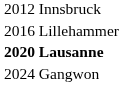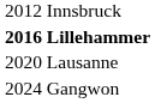 <table>
 <tr>
 <td>2012 Innsbruck<br></td>
 <td></td>
 <td></td>
 <td></td>
 </tr>
 <tr>
-<td>2016 Lillehammer<br></td>
+<td><strong>2016 Lillehammer<br></strong></td>
 <td></td>
 <td></td>
 <td></td>
 </tr>
 <tr>
-<td><strong>2020 Lausanne<br></strong></td>
+<td>2020 Lausanne<br></td>
 <td></td>
 <td></td>
 <td></td>
 </tr>
 <tr>
 <td>2024 Gangwon<br></td>
 <td></td>
 <td></td>
 <td></td>
 </tr>
 </table>
